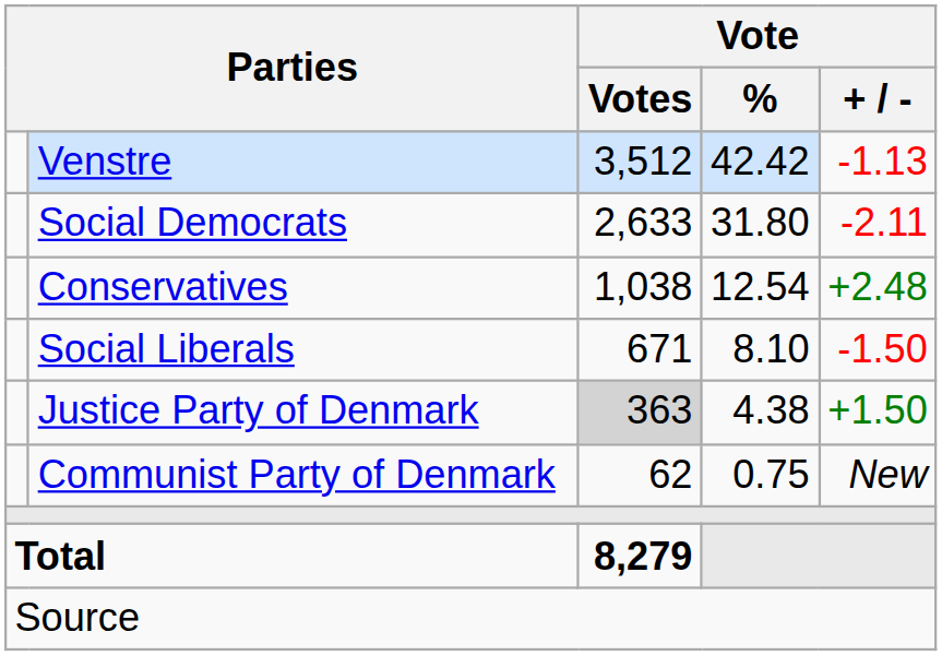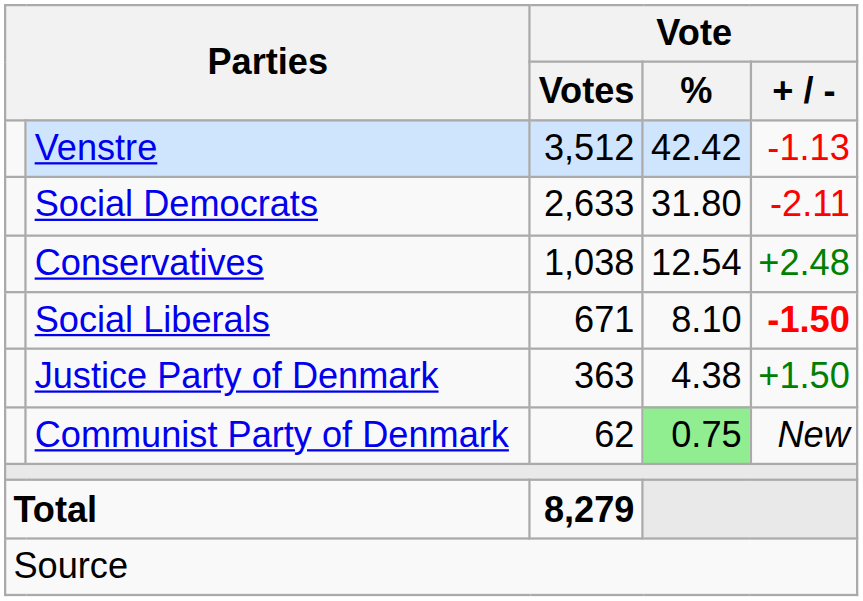 <table class="wikitable" style="text-align:right;">
 <tr>
 <th style="text-align:centre;" rowspan="2" colspan="2" width="225">Parties</th>
 <th colspan="3">Vote</th>
 </tr>
 <tr>
 <th width="15">Votes</th>
 <th width="15">%</th>
 <th width="15">+ / -</th>
 </tr>
 <tr>
 <td width="2" style="color:inherit;background:"></td>
 <td bgcolor=#cfe5fe  align="left"><a href='#'>Venstre</a></td>
 <td bgcolor=#cfe5fe>3,512</td>
 <td bgcolor=#cfe5fe>42.42</td>
 <td style=color:red;>-1.13</td>
 </tr>
 <tr>
 <td width="2" style="color:inherit;background:"></td>
 <td align="left"><a href='#'>Social Democrats</a></td>
 <td>2,633</td>
 <td>31.80</td>
 <td style=color:red;>-2.11</td>
 </tr>
 <tr>
 <td width="2" style="color:inherit;background:"></td>
 <td align="left"><a href='#'>Conservatives</a></td>
 <td>1,038</td>
 <td>12.54</td>
 <td style=color:green;>+2.48</td>
 </tr>
 <tr>
 <td width="2" style="color:inherit;background:"></td>
 <td align="left"><a href='#'>Social Liberals</a></td>
 <td>671</td>
 <td>8.10</td>
-<td style=color:red;>-1.50</td>
+<td style=color:red;><strong>-1.50</strong></td>
 </tr>
 <tr>
 <td width="2" style="color:inherit;background:"></td>
 <td align="left"><a href='#'>Justice Party of Denmark</a></td>
-<td style="background: lightgrey;">363</td>
+<td>363</td>
 <td>4.38</td>
 <td style=color:green;>+1.50</td>
 </tr>
 <tr>
 <td width="2" style="color:inherit;background:"></td>
 <td align="left"><a href='#'>Communist Party of Denmark</a></td>
 <td>62</td>
-<td>0.75</td>
+<td style="background: lightgreen;">0.75</td>
 <td><em>New</em></td>
 </tr>
 <tr>
 <td colspan="7" bgcolor="#E9E9E9"></td>
 </tr>
 <tr>
 <td align="left" colspan="2"><strong>Total</strong></td>
 <td><strong>8,279</strong></td>
 <td bgcolor="#E9E9E9" colspan="2"></td>
 </tr>
 <tr>
 <td align="left" colspan="6">Source</td>
 </tr>
 </table>
